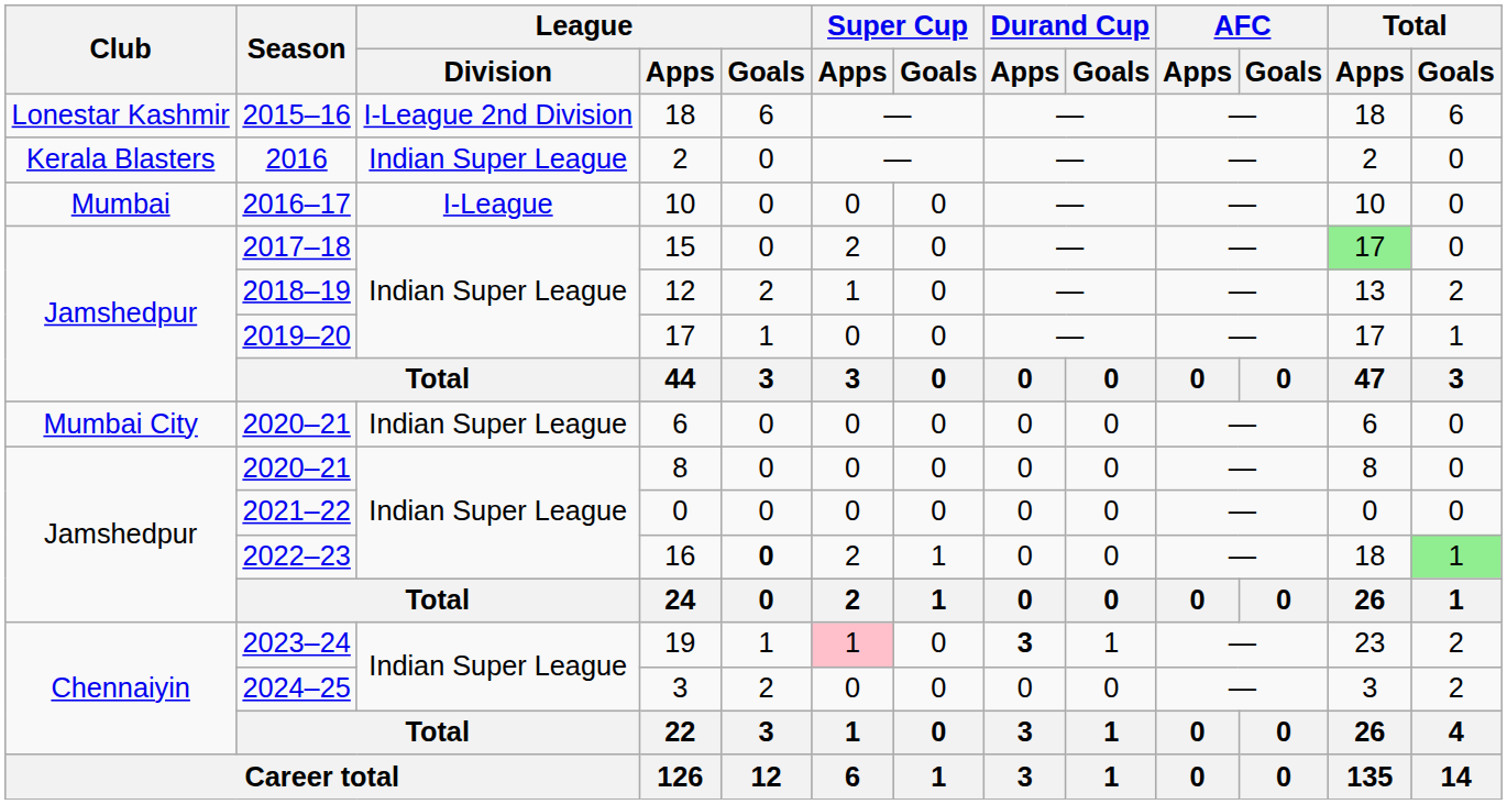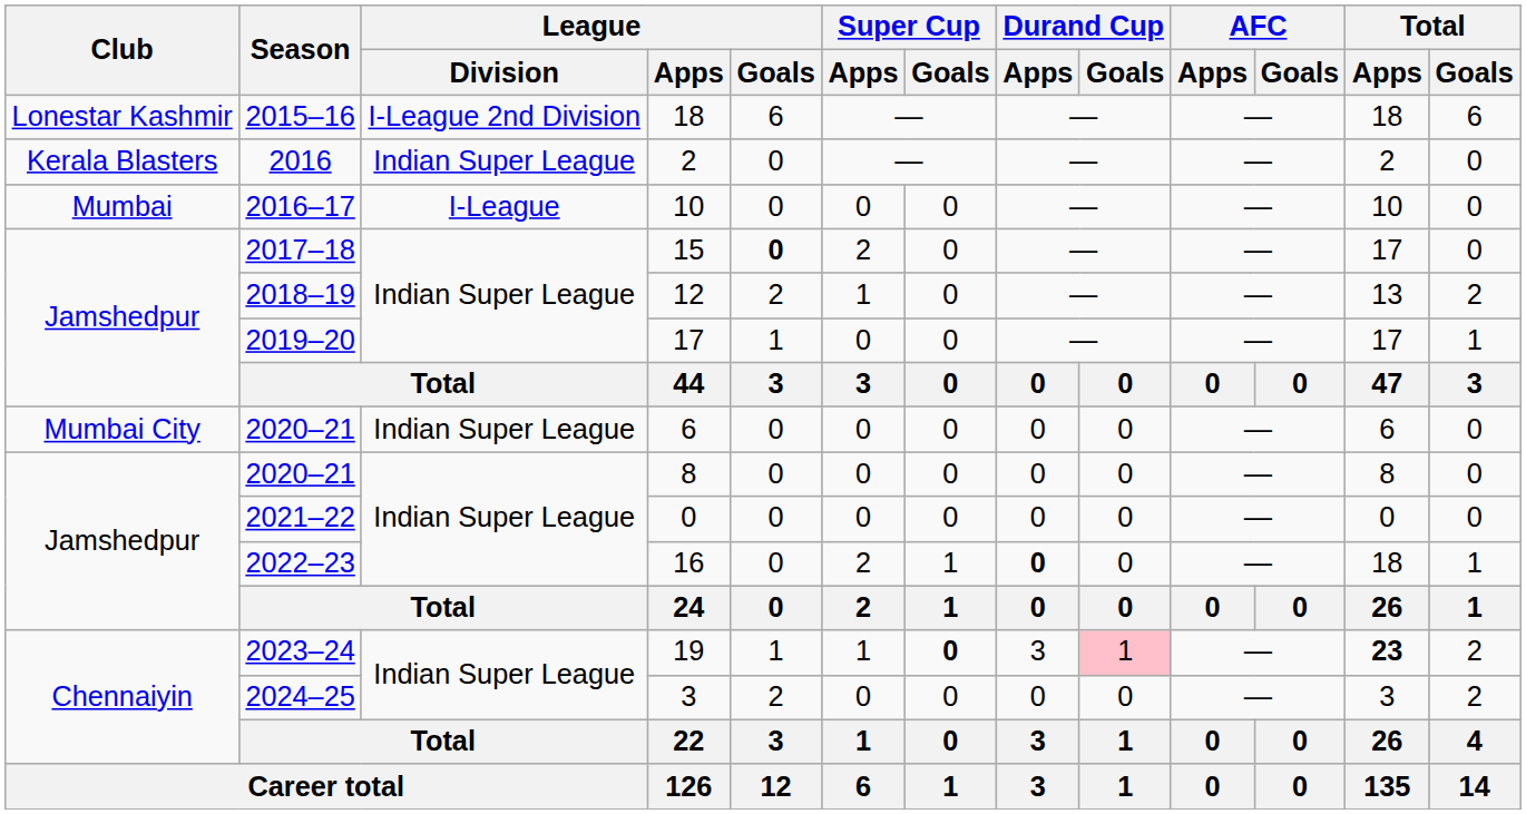 <table class="wikitable" style="text-align: center;">
 <tr>
 <th rowspan="2">Club</th>
 <th rowspan="2">Season</th>
 <th colspan="3">League</th>
 <th colspan="2"><a href='#'>Super Cup</a></th>
 <th colspan="2"><a href='#'>Durand Cup</a></th>
 <th colspan="2"><a href='#'>AFC</a></th>
 <th colspan="2">Total</th>
 </tr>
 <tr>
 <th>Division</th>
 <th>Apps</th>
 <th>Goals</th>
 <th>Apps</th>
 <th>Goals</th>
 <th>Apps</th>
 <th>Goals</th>
 <th>Apps</th>
 <th>Goals</th>
 <th>Apps</th>
 <th>Goals</th>
 </tr>
 <tr>
 <td rowspan="1"><a href='#'>Lonestar Kashmir</a></td>
 <td><a href='#'>2015–16</a></td>
 <td rowspan="1"><a href='#'>I-League 2nd Division</a></td>
 <td>18</td>
 <td>6</td>
 <td colspan="2">—</td>
 <td colspan="2">—</td>
 <td colspan="2">—</td>
 <td>18</td>
 <td>6</td>
 </tr>
 <tr>
 <td rowspan="1"><a href='#'>Kerala Blasters</a></td>
 <td><a href='#'>2016</a></td>
 <td rowspan="1"><a href='#'>Indian Super League</a></td>
 <td>2</td>
 <td>0</td>
 <td colspan="2">—</td>
 <td colspan="2">—</td>
 <td colspan="2">—</td>
 <td>2</td>
 <td>0</td>
 </tr>
 <tr>
 <td rowspan="1"><a href='#'>Mumbai</a></td>
 <td><a href='#'>2016–17</a></td>
 <td rowspan="1"><a href='#'>I-League</a></td>
 <td>10</td>
 <td>0</td>
 <td>0</td>
 <td>0</td>
 <td colspan="2">—</td>
 <td colspan="2">—</td>
 <td>10</td>
 <td>0</td>
 </tr>
 <tr>
 <td rowspan="4"><a href='#'>Jamshedpur</a></td>
 <td><a href='#'>2017–18</a></td>
 <td rowspan="3">Indian Super League</td>
 <td>15</td>
-<td>0</td>
+<td><strong>0</strong></td>
 <td>2</td>
 <td>0</td>
 <td colspan="2">—</td>
 <td colspan="2">—</td>
-<td style="background: lightgreen;">17</td>
+<td>17</td>
 <td>0</td>
 </tr>
 <tr>
 <td><a href='#'>2018–19</a></td>
 <td>12</td>
 <td>2</td>
 <td>1</td>
 <td>0</td>
 <td colspan="2">—</td>
 <td colspan="2">—</td>
 <td>13</td>
 <td>2</td>
 </tr>
 <tr>
 <td><a href='#'>2019–20</a></td>
 <td>17</td>
 <td>1</td>
 <td>0</td>
 <td>0</td>
 <td colspan="2">—</td>
 <td colspan="2">—</td>
 <td>17</td>
 <td>1</td>
 </tr>
 <tr>
 <th colspan="2">Total</th>
 <th>44</th>
 <th>3</th>
 <th>3</th>
 <th>0</th>
 <th>0</th>
 <th>0</th>
 <th>0</th>
 <th>0</th>
 <th>47</th>
 <th>3</th>
 </tr>
 <tr>
 <td rowspan="1"><a href='#'>Mumbai City</a></td>
 <td><a href='#'>2020–21</a></td>
 <td>Indian Super League</td>
 <td>6</td>
 <td>0</td>
 <td>0</td>
 <td>0</td>
 <td>0</td>
 <td>0</td>
 <td colspan="2">—</td>
 <td>6</td>
 <td>0</td>
 </tr>
 <tr>
 <td rowspan="4">Jamshedpur</td>
 <td><a href='#'>2020–21</a></td>
 <td rowspan="3">Indian Super League</td>
 <td>8</td>
 <td>0</td>
 <td>0</td>
 <td>0</td>
 <td>0</td>
 <td>0</td>
 <td colspan="2">—</td>
 <td>8</td>
 <td>0</td>
 </tr>
 <tr>
 <td><a href='#'>2021–22</a></td>
 <td>0</td>
 <td>0</td>
 <td>0</td>
 <td>0</td>
 <td>0</td>
 <td>0</td>
 <td colspan="2">—</td>
 <td>0</td>
 <td>0</td>
 </tr>
 <tr>
 <td><a href='#'>2022–23</a></td>
 <td>16</td>
-<td><strong>0</strong></td>
+<td>0</td>
 <td>2</td>
 <td>1</td>
-<td>0</td>
+<td><strong>0</strong></td>
 <td>0</td>
 <td colspan="2">—</td>
 <td>18</td>
-<td style="background: lightgreen;">1</td>
+<td>1</td>
 </tr>
 <tr>
 <th colspan="2">Total</th>
 <th>24</th>
 <th>0</th>
 <th>2</th>
 <th>1</th>
 <th>0</th>
 <th>0</th>
 <th>0</th>
 <th>0</th>
 <th>26</th>
 <th>1</th>
 </tr>
 <tr>
 <td rowspan="3"><a href='#'>Chennaiyin</a></td>
 <td><a href='#'>2023–24</a></td>
 <td rowspan="2">Indian Super League</td>
 <td>19</td>
 <td>1</td>
+<td>1</td>
+<td><strong>0</strong></td>
+<td>3</td>
 <td style="background: pink;">1</td>
-<td>0</td>
-<td><strong>3</strong></td>
-<td>1</td>
 <td colspan="2">—</td>
-<td>23</td>
+<td><strong>23</strong></td>
 <td>2</td>
 </tr>
 <tr>
 <td><a href='#'>2024–25</a></td>
 <td>3</td>
 <td>2</td>
 <td>0</td>
 <td>0</td>
 <td>0</td>
 <td>0</td>
 <td colspan="2">—</td>
 <td>3</td>
 <td>2</td>
 </tr>
 <tr>
 <th colspan="2">Total</th>
 <th>22</th>
 <th>3</th>
 <th>1</th>
 <th>0</th>
 <th>3</th>
 <th>1</th>
 <th>0</th>
 <th>0</th>
 <th>26</th>
 <th>4</th>
 </tr>
 <tr>
 <th colspan="3">Career total</th>
 <th>126</th>
 <th>12</th>
 <th>6</th>
 <th>1</th>
 <th>3</th>
 <th>1</th>
 <th>0</th>
 <th>0</th>
 <th>135</th>
 <th>14</th>
 </tr>
 </table>
